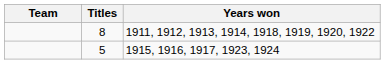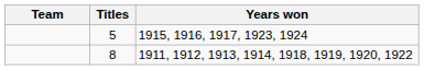 <table class="wikitable sortable" style="text-align:left">
 <tr>
 <th width=100px>Team</th>
 <th width=50px>Titles</th>
 <th width=350px>Years won</th>
 </tr>
 <tr>
 <td></td>
+<td align="center">5</td>
+<td>1915, 1916, 1917, 1923, 1924</td>
+</tr>
+<tr>
+<td></td>
 <td align="center">8</td>
 <td>1911, 1912, 1913, 1914, 1918, 1919, 1920, 1922</td>
 </tr>
-<tr>
-<td></td>
-<td align="center">5</td>
-<td>1915, 1916, 1917, 1923, 1924</td>
-</tr>
 </table>
